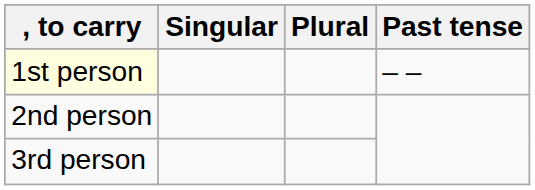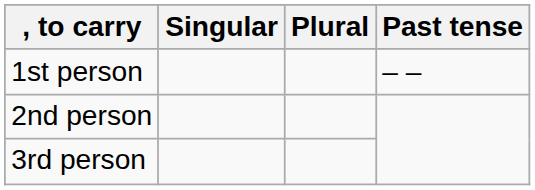 <table class="wikitable">
 <tr>
 <th>, to carry</th>
 <th>Singular</th>
 <th>Plural</th>
 <th>Past tense</th>
 </tr>
 <tr>
-<td style="background: lightyellow;">1st person</td>
+<td>1st person</td>
 <td></td>
 <td></td>
 <td> –  – </td>
 </tr>
 <tr>
 <td>2nd person</td>
 <td></td>
 <td></td>
 </tr>
 <tr>
 <td>3rd person</td>
 <td></td>
 <td></td>
 </tr>
 </table>
